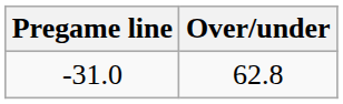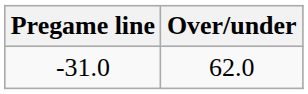 <table class="wikitable" style="margin-left: auto; margin-right: auto; border: none; display: inline-table;">
 <tr align="center">
 <th style=>Pregame line</th>
 <th style=>Over/under</th>
 </tr>
 <tr align="center">
 <td>-31.0</td>
-<td>62.8</td>
+<td>62.0</td>
 </tr>
 </table>
